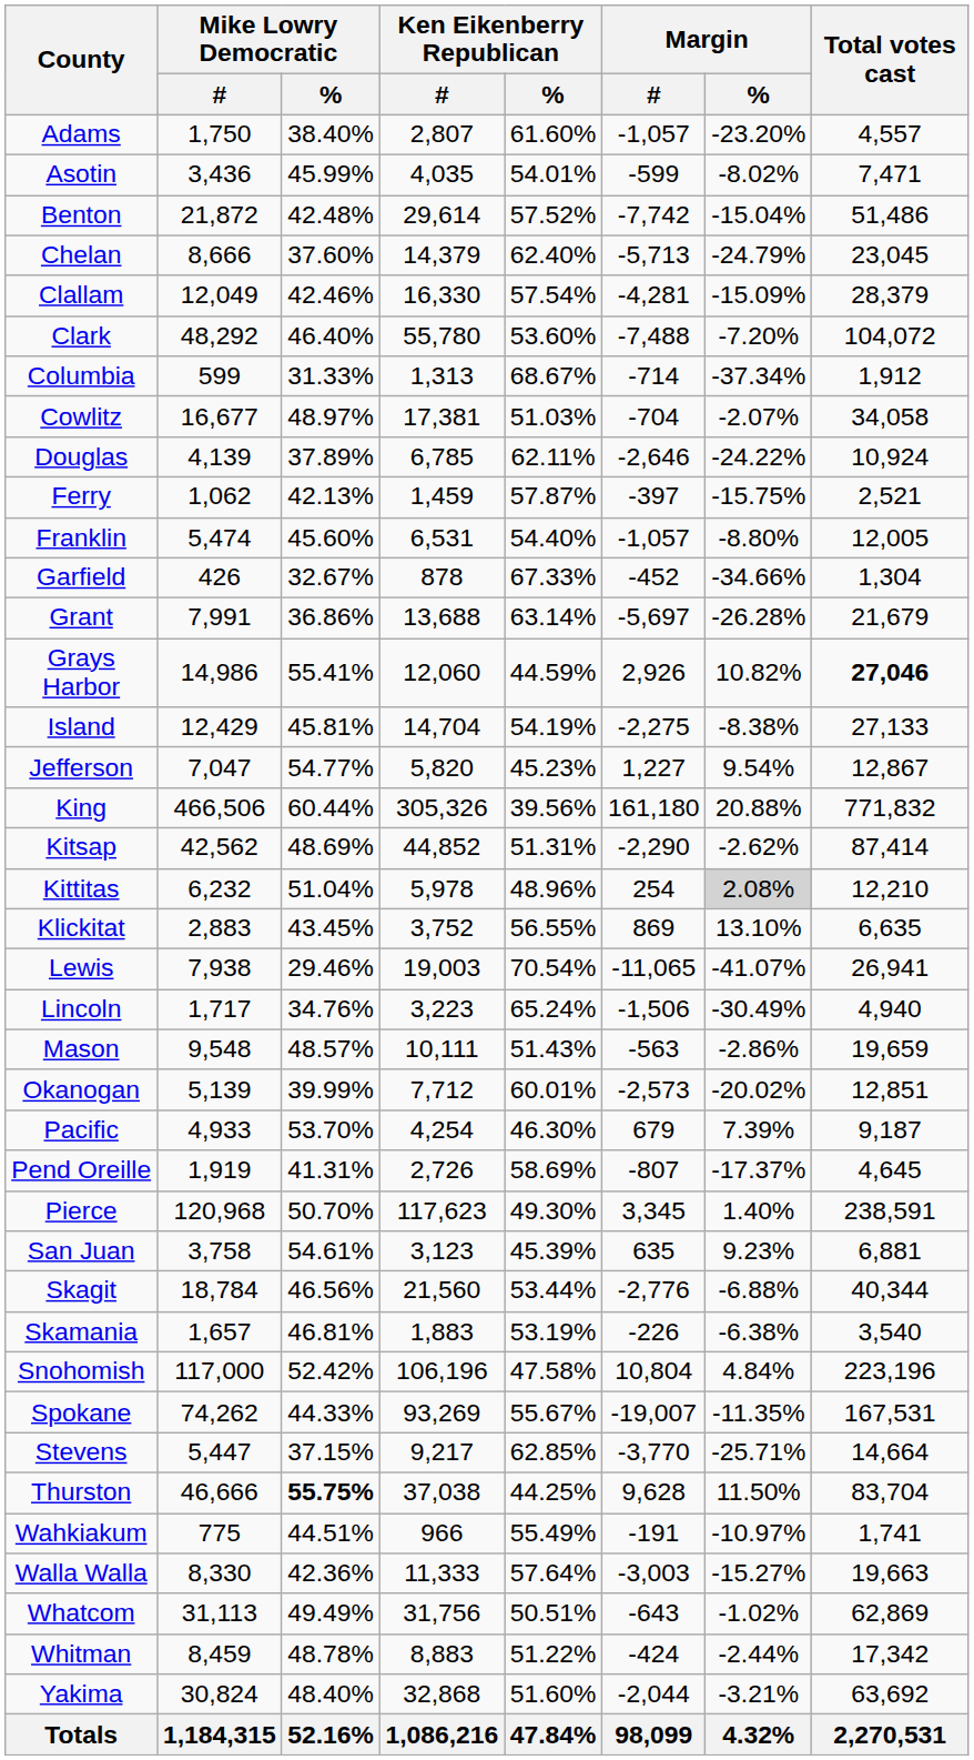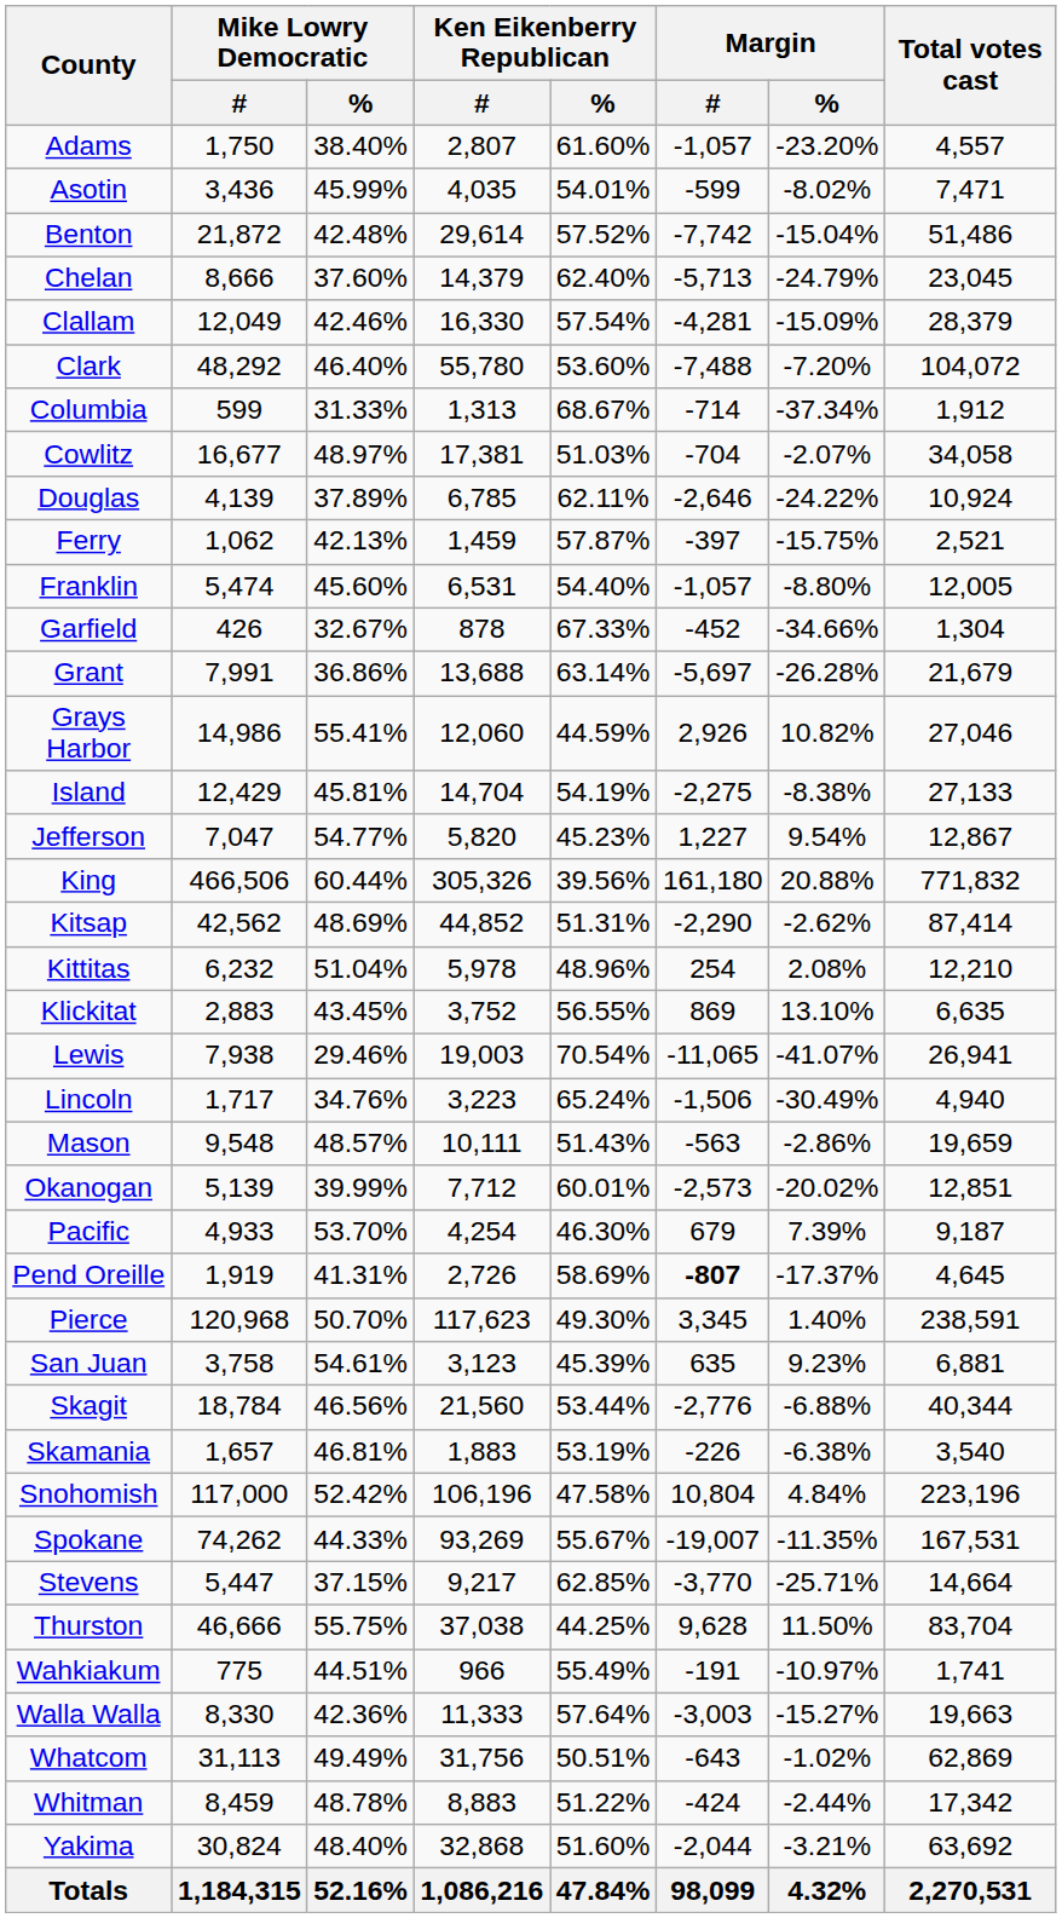 <table class="wikitable sortable">
 <tr>
 <th style="text-align:center;" rowspan="2">County</th>
 <th style="text-align:center;" colspan="2">Mike Lowry<br>Democratic</th>
 <th style="text-align:center;" colspan="2">Ken Eikenberry<br>Republican</th>
 <th style="text-align:center;" colspan="2">Margin</th>
 <th style="text-align:center;" rowspan="2">Total votes cast</th>
 </tr>
 <tr bgcolor="lightgrey">
 <th style="text-align:center;" data-sort-type="number">#</th>
 <th style="text-align:center;" data-sort-type="number">%</th>
 <th style="text-align:center;" data-sort-type="number">#</th>
 <th style="text-align:center;" data-sort-type="number">%</th>
 <th style="text-align:center;" data-sort-type="number">#</th>
 <th style="text-align:center;" data-sort-type="number">%</th>
 </tr>
 <tr style="text-align:center;">
 <td><a href='#'>Adams</a></td>
 <td>1,750</td>
 <td>38.40%</td>
 <td>2,807</td>
 <td>61.60%</td>
 <td>-1,057</td>
 <td>-23.20%</td>
 <td>4,557</td>
 </tr>
 <tr style="text-align:center;">
 <td><a href='#'>Asotin</a></td>
 <td>3,436</td>
 <td>45.99%</td>
 <td>4,035</td>
 <td>54.01%</td>
 <td>-599</td>
 <td>-8.02%</td>
 <td>7,471</td>
 </tr>
 <tr style="text-align:center;">
 <td><a href='#'>Benton</a></td>
 <td>21,872</td>
 <td>42.48%</td>
 <td>29,614</td>
 <td>57.52%</td>
 <td>-7,742</td>
 <td>-15.04%</td>
 <td>51,486</td>
 </tr>
 <tr style="text-align:center;">
 <td><a href='#'>Chelan</a></td>
 <td>8,666</td>
 <td>37.60%</td>
 <td>14,379</td>
 <td>62.40%</td>
 <td>-5,713</td>
 <td>-24.79%</td>
 <td>23,045</td>
 </tr>
 <tr style="text-align:center;">
 <td><a href='#'>Clallam</a></td>
 <td>12,049</td>
 <td>42.46%</td>
 <td>16,330</td>
 <td>57.54%</td>
 <td>-4,281</td>
 <td>-15.09%</td>
 <td>28,379</td>
 </tr>
 <tr style="text-align:center;">
 <td><a href='#'>Clark</a></td>
 <td>48,292</td>
 <td>46.40%</td>
 <td>55,780</td>
 <td>53.60%</td>
 <td>-7,488</td>
 <td>-7.20%</td>
 <td>104,072</td>
 </tr>
 <tr style="text-align:center;">
 <td><a href='#'>Columbia</a></td>
 <td>599</td>
 <td>31.33%</td>
 <td>1,313</td>
 <td>68.67%</td>
 <td>-714</td>
 <td>-37.34%</td>
 <td>1,912</td>
 </tr>
 <tr style="text-align:center;">
 <td><a href='#'>Cowlitz</a></td>
 <td>16,677</td>
 <td>48.97%</td>
 <td>17,381</td>
 <td>51.03%</td>
 <td>-704</td>
 <td>-2.07%</td>
 <td>34,058</td>
 </tr>
 <tr style="text-align:center;">
 <td><a href='#'>Douglas</a></td>
 <td>4,139</td>
 <td>37.89%</td>
 <td>6,785</td>
 <td>62.11%</td>
 <td>-2,646</td>
 <td>-24.22%</td>
 <td>10,924</td>
 </tr>
 <tr style="text-align:center;">
 <td><a href='#'>Ferry</a></td>
 <td>1,062</td>
 <td>42.13%</td>
 <td>1,459</td>
 <td>57.87%</td>
 <td>-397</td>
 <td>-15.75%</td>
 <td>2,521</td>
 </tr>
 <tr style="text-align:center;">
 <td><a href='#'>Franklin</a></td>
 <td>5,474</td>
 <td>45.60%</td>
 <td>6,531</td>
 <td>54.40%</td>
 <td>-1,057</td>
 <td>-8.80%</td>
 <td>12,005</td>
 </tr>
 <tr style="text-align:center;">
 <td><a href='#'>Garfield</a></td>
 <td>426</td>
 <td>32.67%</td>
 <td>878</td>
 <td>67.33%</td>
 <td>-452</td>
 <td>-34.66%</td>
 <td>1,304</td>
 </tr>
 <tr style="text-align:center;">
 <td><a href='#'>Grant</a></td>
 <td>7,991</td>
 <td>36.86%</td>
 <td>13,688</td>
 <td>63.14%</td>
 <td>-5,697</td>
 <td>-26.28%</td>
 <td>21,679</td>
 </tr>
 <tr style="text-align:center;">
 <td><a href='#'>Grays Harbor</a></td>
 <td>14,986</td>
 <td>55.41%</td>
 <td>12,060</td>
 <td>44.59%</td>
 <td>2,926</td>
 <td>10.82%</td>
-<td><strong>27,046</strong></td>
+<td>27,046</td>
 </tr>
 <tr style="text-align:center;">
 <td><a href='#'>Island</a></td>
 <td>12,429</td>
 <td>45.81%</td>
 <td>14,704</td>
 <td>54.19%</td>
 <td>-2,275</td>
 <td>-8.38%</td>
 <td>27,133</td>
 </tr>
 <tr style="text-align:center;">
 <td><a href='#'>Jefferson</a></td>
 <td>7,047</td>
 <td>54.77%</td>
 <td>5,820</td>
 <td>45.23%</td>
 <td>1,227</td>
 <td>9.54%</td>
 <td>12,867</td>
 </tr>
 <tr style="text-align:center;">
 <td><a href='#'>King</a></td>
 <td>466,506</td>
 <td>60.44%</td>
 <td>305,326</td>
 <td>39.56%</td>
 <td>161,180</td>
 <td>20.88%</td>
 <td>771,832</td>
 </tr>
 <tr style="text-align:center;">
 <td><a href='#'>Kitsap</a></td>
 <td>42,562</td>
 <td>48.69%</td>
 <td>44,852</td>
 <td>51.31%</td>
 <td>-2,290</td>
 <td>-2.62%</td>
 <td>87,414</td>
 </tr>
 <tr style="text-align:center;">
 <td><a href='#'>Kittitas</a></td>
 <td>6,232</td>
 <td>51.04%</td>
 <td>5,978</td>
 <td>48.96%</td>
 <td>254</td>
-<td style="background: lightgrey;">2.08%</td>
+<td>2.08%</td>
 <td>12,210</td>
 </tr>
 <tr style="text-align:center;">
 <td><a href='#'>Klickitat</a></td>
 <td>2,883</td>
 <td>43.45%</td>
 <td>3,752</td>
 <td>56.55%</td>
 <td>869</td>
 <td>13.10%</td>
 <td>6,635</td>
 </tr>
 <tr style="text-align:center;">
 <td><a href='#'>Lewis</a></td>
 <td>7,938</td>
 <td>29.46%</td>
 <td>19,003</td>
 <td>70.54%</td>
 <td>-11,065</td>
 <td>-41.07%</td>
 <td>26,941</td>
 </tr>
 <tr style="text-align:center;">
 <td><a href='#'>Lincoln</a></td>
 <td>1,717</td>
 <td>34.76%</td>
 <td>3,223</td>
 <td>65.24%</td>
 <td>-1,506</td>
 <td>-30.49%</td>
 <td>4,940</td>
 </tr>
 <tr style="text-align:center;">
 <td><a href='#'>Mason</a></td>
 <td>9,548</td>
 <td>48.57%</td>
 <td>10,111</td>
 <td>51.43%</td>
 <td>-563</td>
 <td>-2.86%</td>
 <td>19,659</td>
 </tr>
 <tr style="text-align:center;">
 <td><a href='#'>Okanogan</a></td>
 <td>5,139</td>
 <td>39.99%</td>
 <td>7,712</td>
 <td>60.01%</td>
 <td>-2,573</td>
 <td>-20.02%</td>
 <td>12,851</td>
 </tr>
 <tr style="text-align:center;">
 <td><a href='#'>Pacific</a></td>
 <td>4,933</td>
 <td>53.70%</td>
 <td>4,254</td>
 <td>46.30%</td>
 <td>679</td>
 <td>7.39%</td>
 <td>9,187</td>
 </tr>
 <tr style="text-align:center;">
 <td><a href='#'>Pend Oreille</a></td>
 <td>1,919</td>
 <td>41.31%</td>
 <td>2,726</td>
 <td>58.69%</td>
-<td>-807</td>
+<td><strong>-807</strong></td>
 <td>-17.37%</td>
 <td>4,645</td>
 </tr>
 <tr style="text-align:center;">
 <td><a href='#'>Pierce</a></td>
 <td>120,968</td>
 <td>50.70%</td>
 <td>117,623</td>
 <td>49.30%</td>
 <td>3,345</td>
 <td>1.40%</td>
 <td>238,591</td>
 </tr>
 <tr style="text-align:center;">
 <td><a href='#'>San Juan</a></td>
 <td>3,758</td>
 <td>54.61%</td>
 <td>3,123</td>
 <td>45.39%</td>
 <td>635</td>
 <td>9.23%</td>
 <td>6,881</td>
 </tr>
 <tr style="text-align:center;">
 <td><a href='#'>Skagit</a></td>
 <td>18,784</td>
 <td>46.56%</td>
 <td>21,560</td>
 <td>53.44%</td>
 <td>-2,776</td>
 <td>-6.88%</td>
 <td>40,344</td>
 </tr>
 <tr style="text-align:center;">
 <td><a href='#'>Skamania</a></td>
 <td>1,657</td>
 <td>46.81%</td>
 <td>1,883</td>
 <td>53.19%</td>
 <td>-226</td>
 <td>-6.38%</td>
 <td>3,540</td>
 </tr>
 <tr style="text-align:center;">
 <td><a href='#'>Snohomish</a></td>
 <td>117,000</td>
 <td>52.42%</td>
 <td>106,196</td>
 <td>47.58%</td>
 <td>10,804</td>
 <td>4.84%</td>
 <td>223,196</td>
 </tr>
 <tr style="text-align:center;">
 <td><a href='#'>Spokane</a></td>
 <td>74,262</td>
 <td>44.33%</td>
 <td>93,269</td>
 <td>55.67%</td>
 <td>-19,007</td>
 <td>-11.35%</td>
 <td>167,531</td>
 </tr>
 <tr style="text-align:center;">
 <td><a href='#'>Stevens</a></td>
 <td>5,447</td>
 <td>37.15%</td>
 <td>9,217</td>
 <td>62.85%</td>
 <td>-3,770</td>
 <td>-25.71%</td>
 <td>14,664</td>
 </tr>
 <tr style="text-align:center;">
 <td><a href='#'>Thurston</a></td>
 <td>46,666</td>
-<td><strong>55.75%</strong></td>
+<td>55.75%</td>
 <td>37,038</td>
 <td>44.25%</td>
 <td>9,628</td>
 <td>11.50%</td>
 <td>83,704</td>
 </tr>
 <tr style="text-align:center;">
 <td><a href='#'>Wahkiakum</a></td>
 <td>775</td>
 <td>44.51%</td>
 <td>966</td>
 <td>55.49%</td>
 <td>-191</td>
 <td>-10.97%</td>
 <td>1,741</td>
 </tr>
 <tr style="text-align:center;">
 <td><a href='#'>Walla Walla</a></td>
 <td>8,330</td>
 <td>42.36%</td>
 <td>11,333</td>
 <td>57.64%</td>
 <td>-3,003</td>
 <td>-15.27%</td>
 <td>19,663</td>
 </tr>
 <tr style="text-align:center;">
 <td><a href='#'>Whatcom</a></td>
 <td>31,113</td>
 <td>49.49%</td>
 <td>31,756</td>
 <td>50.51%</td>
 <td>-643</td>
 <td>-1.02%</td>
 <td>62,869</td>
 </tr>
 <tr style="text-align:center;">
 <td><a href='#'>Whitman</a></td>
 <td>8,459</td>
 <td>48.78%</td>
 <td>8,883</td>
 <td>51.22%</td>
 <td>-424</td>
 <td>-2.44%</td>
 <td>17,342</td>
 </tr>
 <tr style="text-align:center;">
 <td><a href='#'>Yakima</a></td>
 <td>30,824</td>
 <td>48.40%</td>
 <td>32,868</td>
 <td>51.60%</td>
 <td>-2,044</td>
 <td>-3.21%</td>
 <td>63,692</td>
 </tr>
 <tr>
 <th>Totals</th>
 <th>1,184,315</th>
 <th>52.16%</th>
 <th>1,086,216</th>
 <th>47.84%</th>
 <th>98,099</th>
 <th>4.32%</th>
 <th>2,270,531</th>
 </tr>
 </table>
